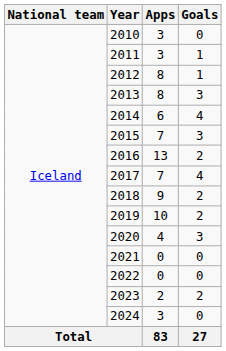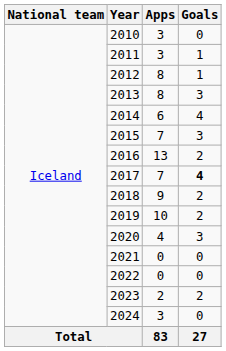 <table class="wikitable" style="text-align:center">
 <tr>
 <th>National team</th>
 <th>Year</th>
 <th>Apps</th>
 <th>Goals</th>
 </tr>
 <tr>
 <td rowspan="15"><a href='#'>Iceland</a></td>
 <td>2010</td>
 <td>3</td>
 <td>0</td>
 </tr>
 <tr>
 <td>2011</td>
 <td>3</td>
 <td>1</td>
 </tr>
 <tr>
 <td>2012</td>
 <td>8</td>
 <td>1</td>
 </tr>
 <tr>
 <td>2013</td>
 <td>8</td>
 <td>3</td>
 </tr>
 <tr>
 <td>2014</td>
 <td>6</td>
 <td>4</td>
 </tr>
 <tr>
 <td>2015</td>
 <td>7</td>
 <td>3</td>
 </tr>
 <tr>
 <td>2016</td>
 <td>13</td>
 <td>2</td>
 </tr>
 <tr>
 <td>2017</td>
 <td>7</td>
-<td>4</td>
+<td><strong>4</strong></td>
 </tr>
 <tr>
 <td>2018</td>
 <td>9</td>
 <td>2</td>
 </tr>
 <tr>
 <td>2019</td>
 <td>10</td>
 <td>2</td>
 </tr>
 <tr>
 <td>2020</td>
 <td>4</td>
 <td>3</td>
 </tr>
 <tr>
 <td>2021</td>
 <td>0</td>
 <td>0</td>
 </tr>
 <tr>
 <td>2022</td>
 <td>0</td>
 <td>0</td>
 </tr>
 <tr>
 <td>2023</td>
 <td>2</td>
 <td>2</td>
 </tr>
 <tr>
 <td>2024</td>
 <td>3</td>
 <td>0</td>
 </tr>
 <tr>
 <th colspan="2">Total</th>
 <th>83</th>
 <th>27</th>
 </tr>
 </table>
